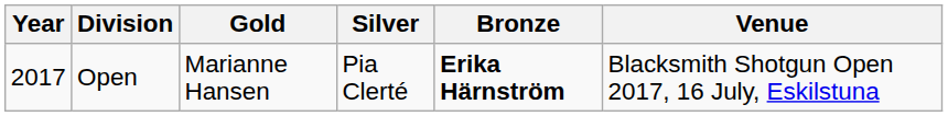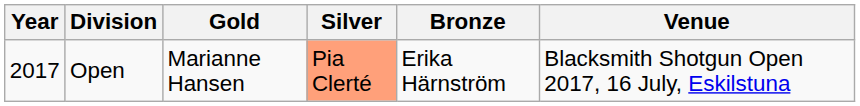 <table class="wikitable sortable" style="text-align: left;">
 <tr>
 <th>Year</th>
 <th>Division</th>
 <th> Gold</th>
 <th> Silver</th>
 <th> Bronze</th>
 <th>Venue</th>
 </tr>
 <tr>
 <td rowspan="3">2017</td>
 <td>Open</td>
 <td>Marianne Hansen</td>
-<td>Pia Clerté</td>
-<td><strong>Erika Härnström</strong></td>
+<td style="background: lightsalmon;">Pia Clerté</td>
+<td>Erika Härnström</td>
 <td rowspan="3">Blacksmith Shotgun Open 2017, 16 July, <a href='#'>Eskilstuna</a></td>
 </tr>
 </table>
